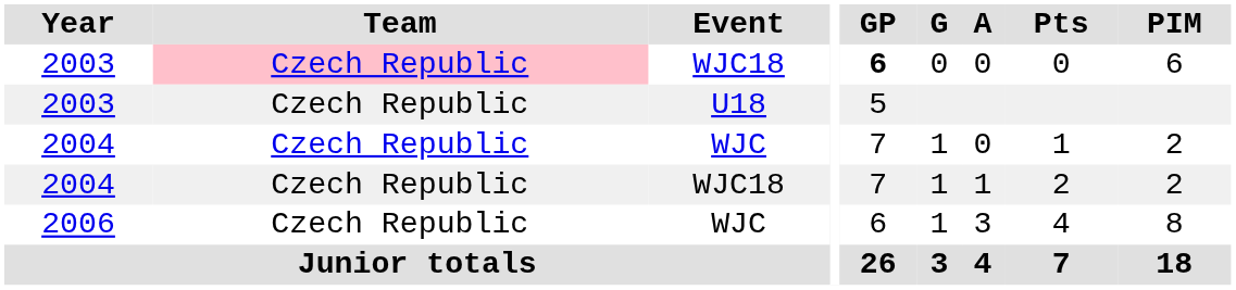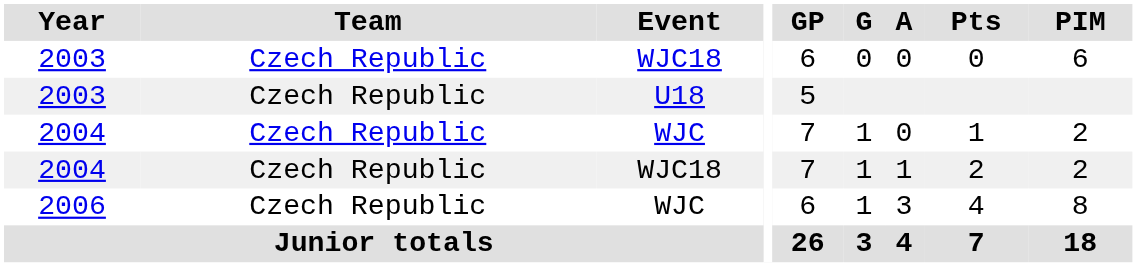 <table border="0" cellpadding="1" cellspacing="0" ID="Table3" style="text-align:center; width:40em">
 <tr ALIGN="center" bgcolor="#e0e0e0">
 <th>Year</th>
 <th>Team</th>
 <th>Event</th>
 <th rowspan="99" bgcolor="#ffffff"></th>
 <th>GP</th>
 <th>G</th>
 <th>A</th>
 <th>Pts</th>
 <th>PIM</th>
 </tr>
 <tr>
 <td><a href='#'>2003</a></td>
-<td style="background: pink;"><a href='#'>Czech Republic</a></td>
+<td><a href='#'>Czech Republic</a></td>
 <td><a href='#'>WJC18</a></td>
-<td><strong>6</strong></td>
+<td>6</td>
 <td>0</td>
 <td>0</td>
 <td>0</td>
 <td>6</td>
 </tr>
 <tr bgcolor="#f0f0f0">
 <td><a href='#'>2003</a></td>
 <td>Czech Republic</td>
 <td><a href='#'>U18</a></td>
 <td>5</td>
 <td></td>
 <td></td>
 <td></td>
 <td></td>
 </tr>
 <tr>
 <td><a href='#'>2004</a></td>
 <td><a href='#'>Czech Republic</a></td>
 <td><a href='#'>WJC</a></td>
 <td>7</td>
 <td>1</td>
 <td>0</td>
 <td>1</td>
 <td>2</td>
 </tr>
 <tr bgcolor="#f0f0f0">
 <td><a href='#'>2004</a></td>
 <td>Czech Republic</td>
 <td>WJC18</td>
 <td>7</td>
 <td>1</td>
 <td>1</td>
 <td>2</td>
 <td>2</td>
 </tr>
 <tr>
 <td><a href='#'>2006</a></td>
 <td>Czech Republic</td>
 <td>WJC</td>
 <td>6</td>
 <td>1</td>
 <td>3</td>
 <td>4</td>
 <td>8</td>
 </tr>
 <tr bgcolor="#e0e0e0">
 <th colspan="3">Junior totals</th>
 <th>26</th>
 <th>3</th>
 <th>4</th>
 <th>7</th>
 <th>18</th>
 </tr>
 </table>
